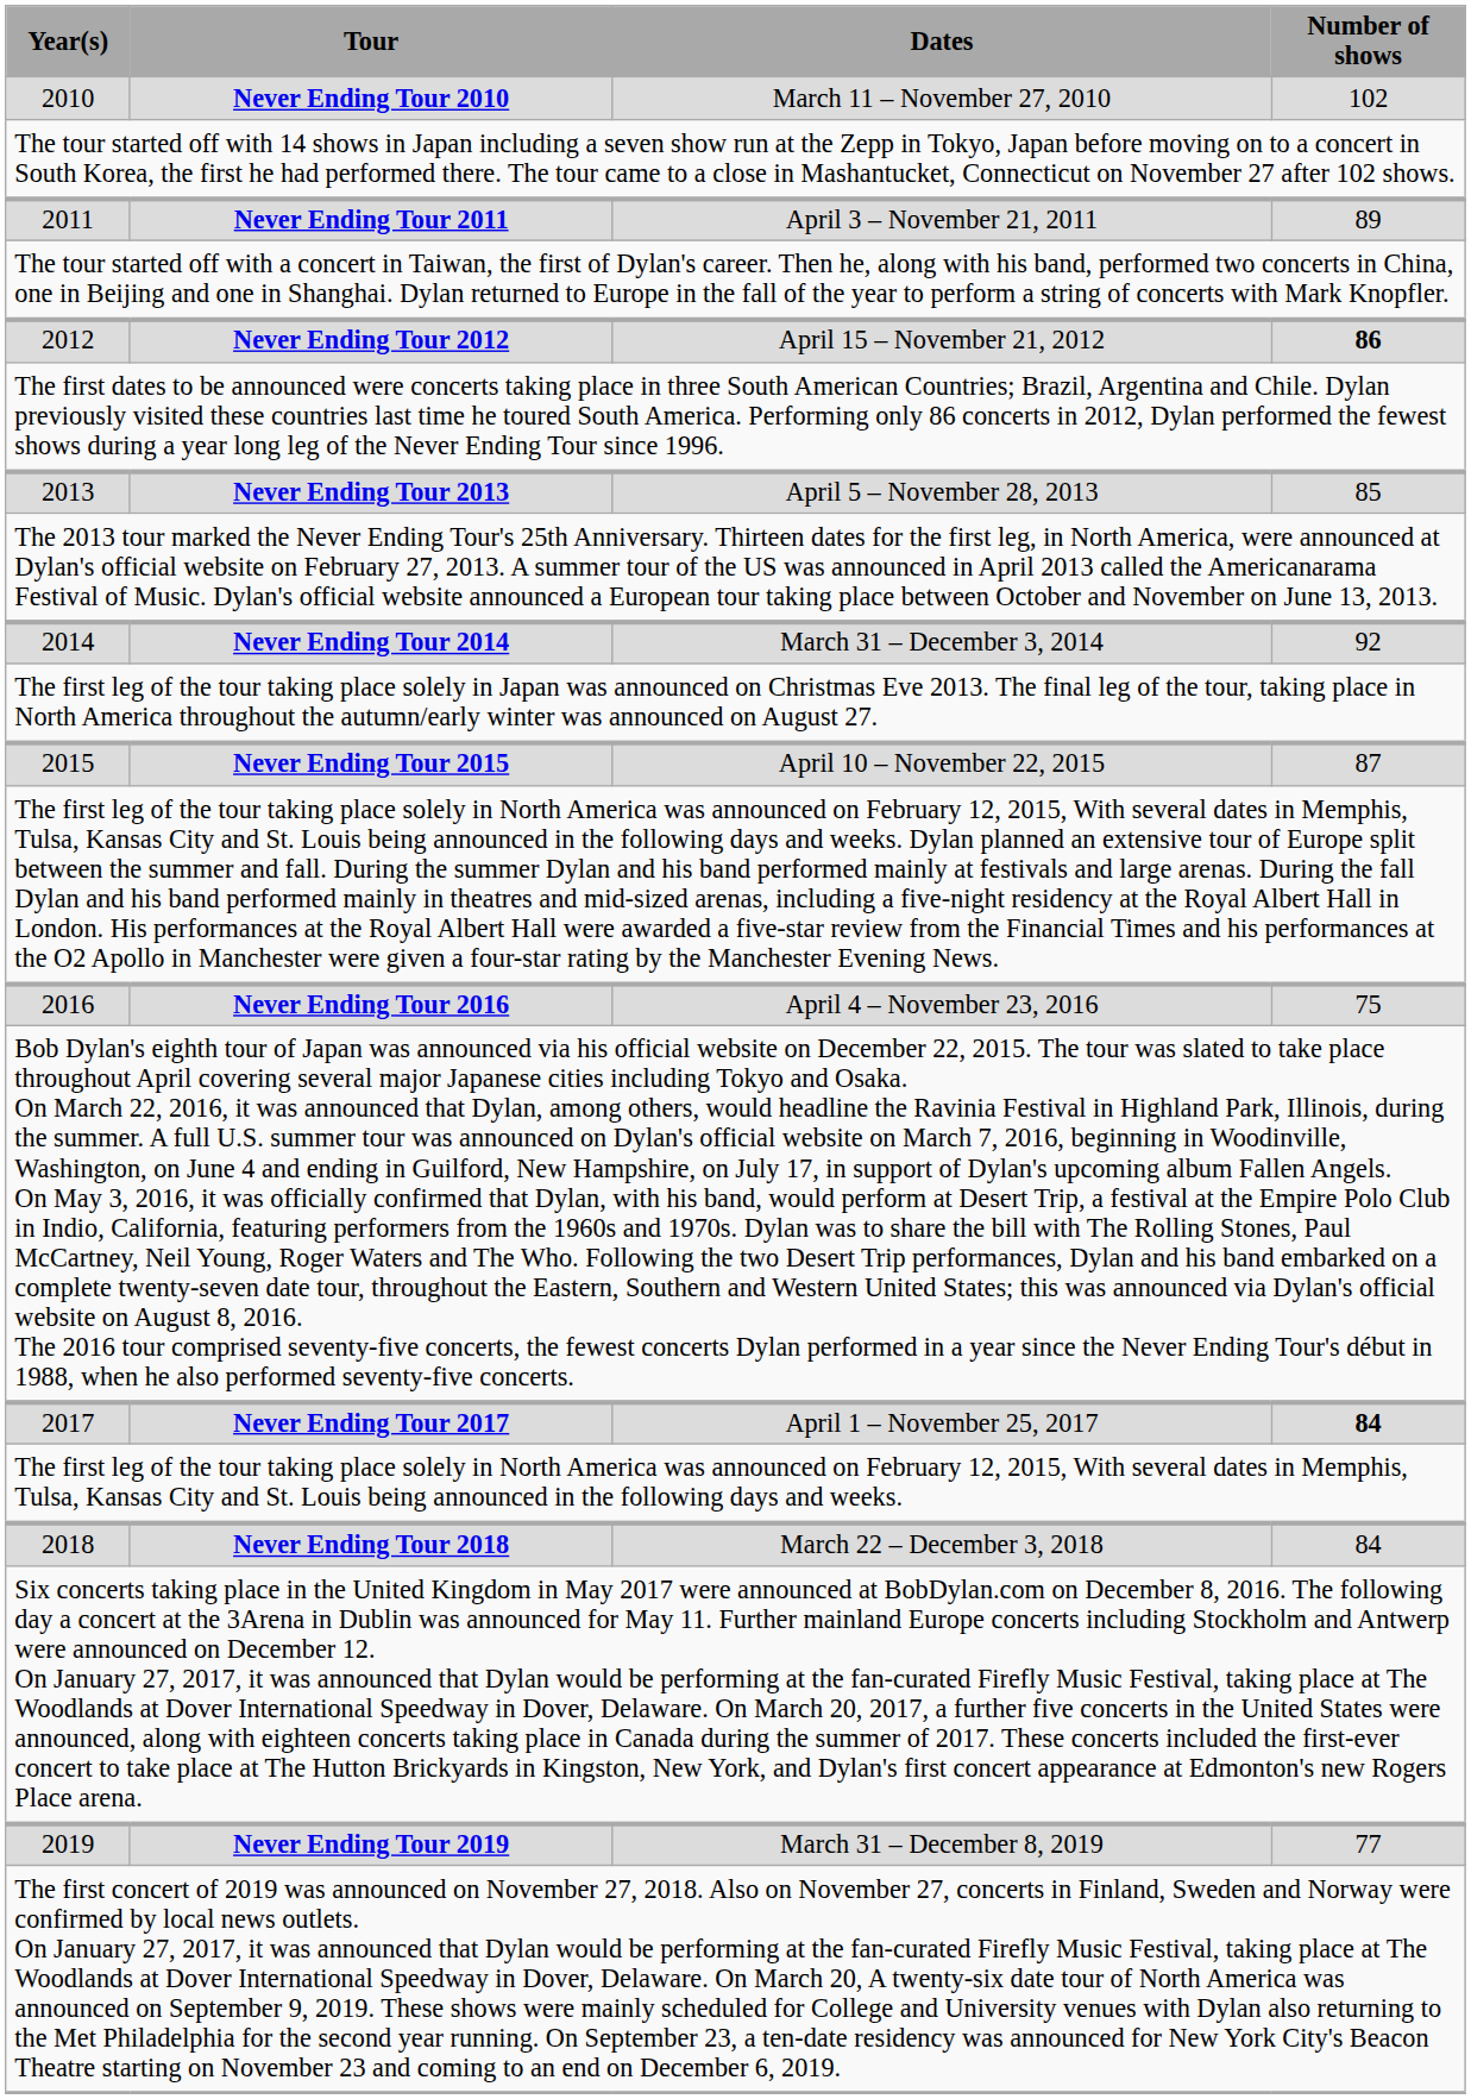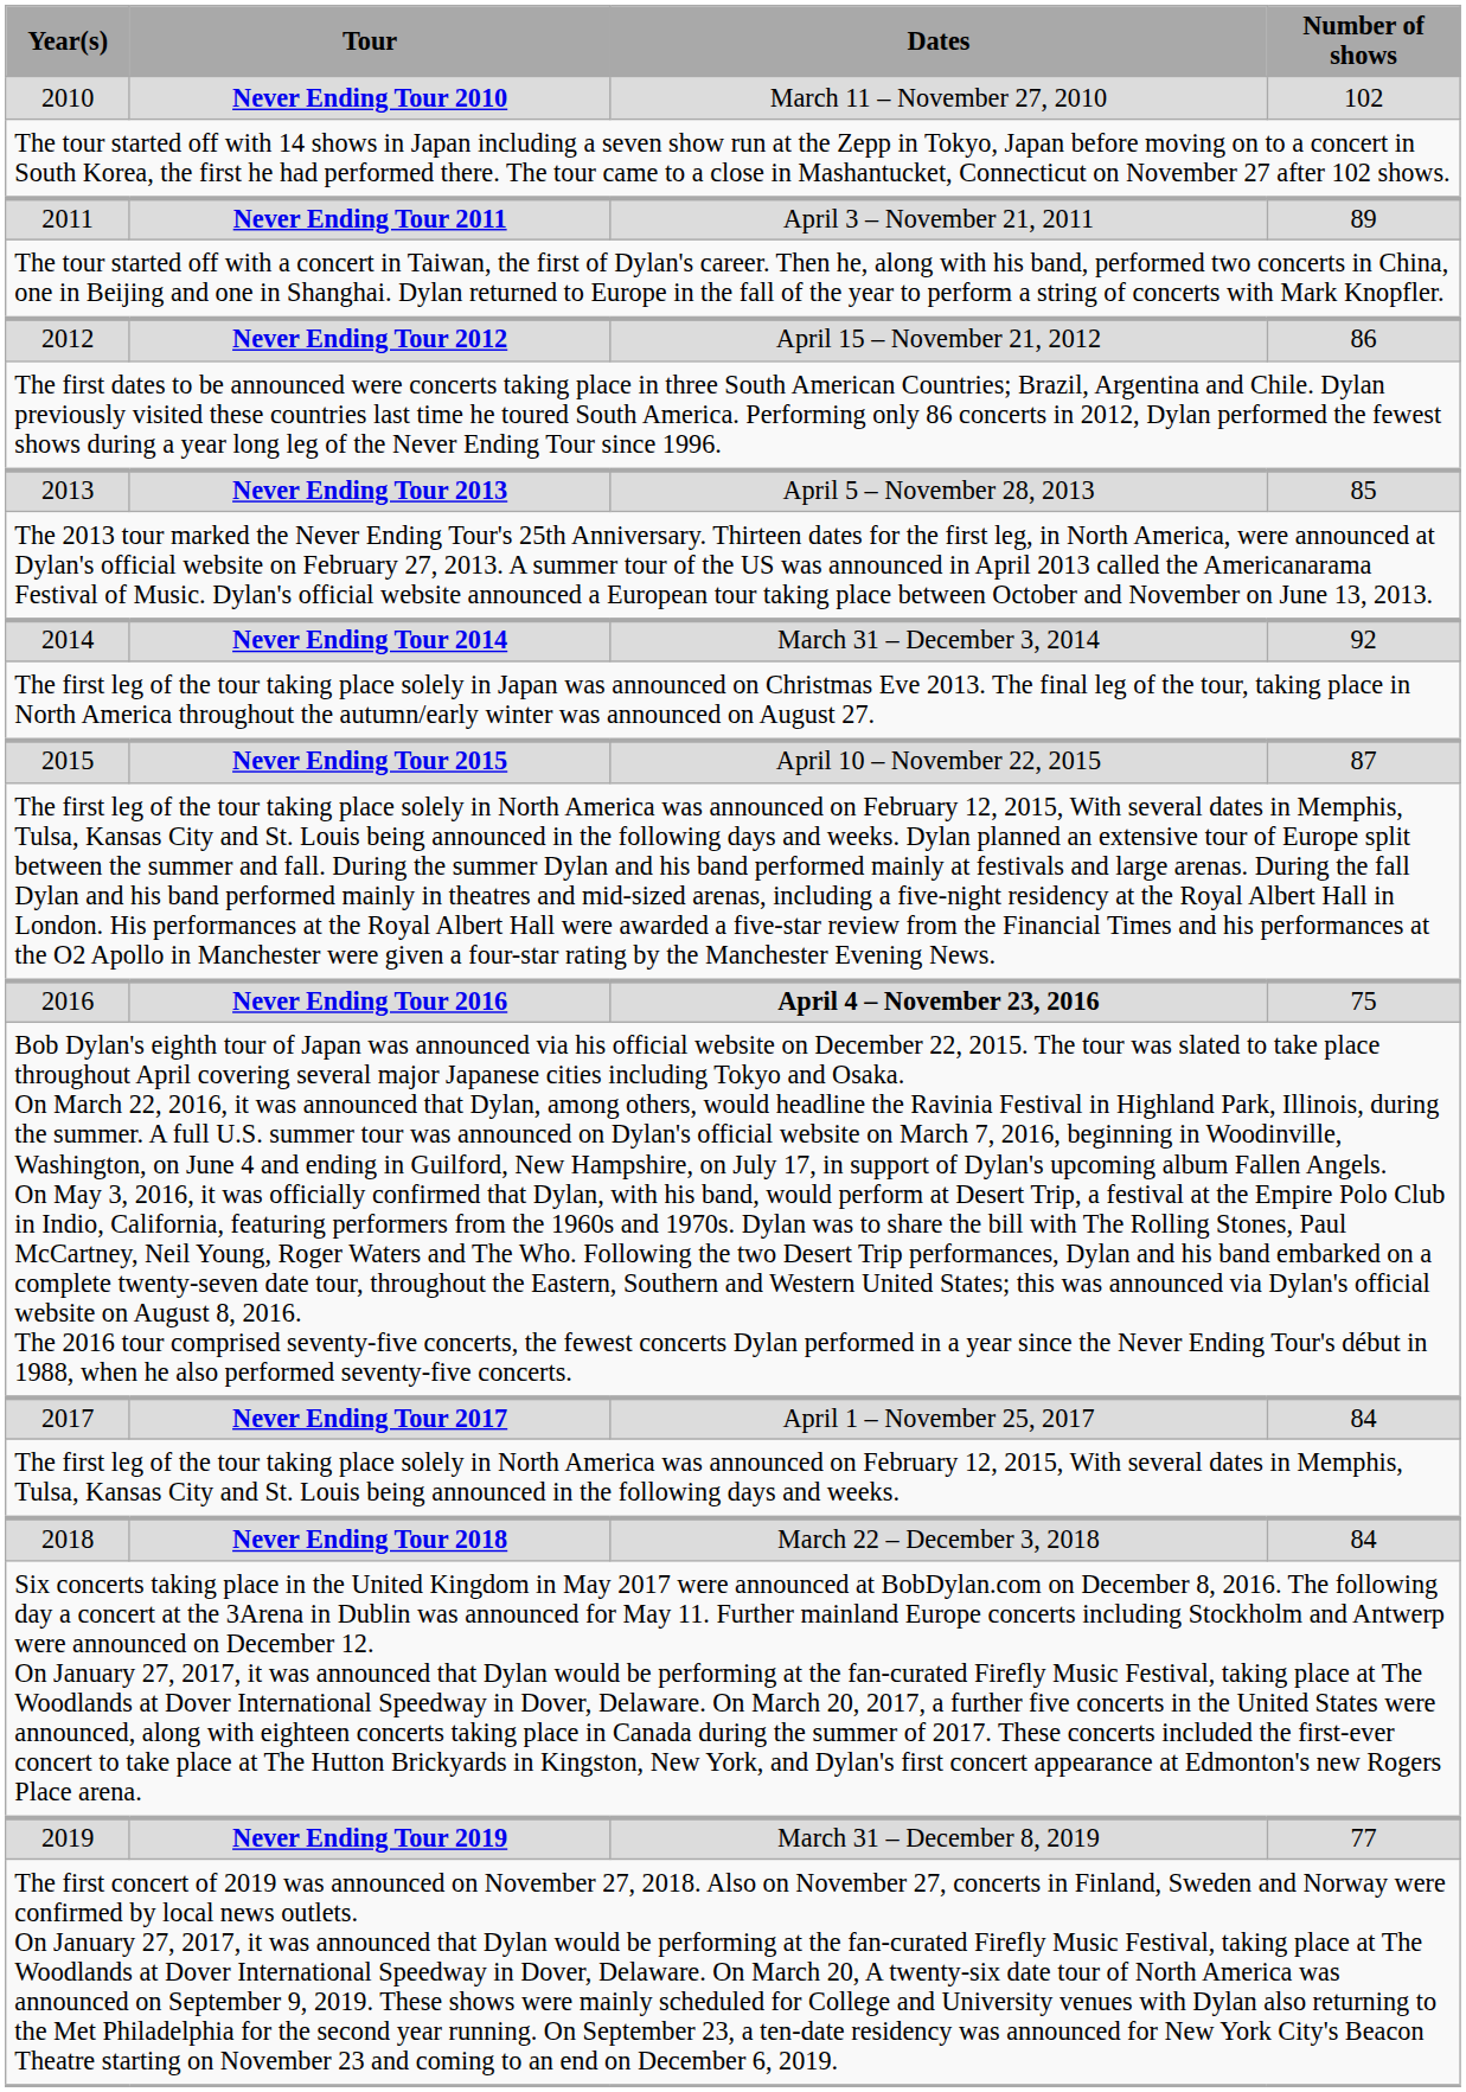 <table class="wikitable" style="width:100%; text-align:center;">
 <tr>
 <th style="width:40px; background:darkGrey;">Year(s)</th>
 <th style="width:210px; background:darkGrey;">Tour</th>
 <th style="width:290px; background:darkGrey;">Dates</th>
 <th style="width:80px; background:darkGrey;">Number of<br>shows<br></th>
 </tr>
 <tr style="background:#DCDCDC;">
 <td>2010</td>
 <td><strong><a href='#'>Never Ending Tour 2010</a></strong></td>
 <td>March 11 – November 27, 2010</td>
 <td>102</td>
 </tr>
 <tr>
 <td colspan="5" style="border-bottom-width:3px; padding:5px; text-align:left;">The tour started off with 14 shows in Japan including a seven show run at the Zepp in Tokyo, Japan before moving on to a concert in South Korea, the first he had performed there. The tour came to a close in Mashantucket, Connecticut on November 27 after 102 shows.</td>
 </tr>
 <tr>
 </tr>
 <tr style="background:#DCDCDC;">
 <td>2011</td>
 <td><strong><a href='#'>Never Ending Tour 2011</a></strong></td>
 <td>April 3 – November 21, 2011</td>
 <td>89</td>
 </tr>
 <tr>
 <td colspan="5" style="border-bottom-width:3px; padding:5px; text-align:left;">The tour started off with a concert in Taiwan, the first of Dylan's career. Then he, along with his band, performed two concerts in China, one in Beijing and one in Shanghai. Dylan returned to Europe in the fall of the year to perform a string of concerts with Mark Knopfler.</td>
 </tr>
 <tr>
 </tr>
 <tr style="background:#DCDCDC;">
 <td>2012</td>
 <td><strong><a href='#'>Never Ending Tour 2012</a></strong></td>
 <td>April 15 – November 21, 2012</td>
-<td><strong>86</strong></td>
+<td>86</td>
 </tr>
 <tr>
 <td colspan="5" style="border-bottom-width:3px; padding:5px; text-align:left;">The first dates to be announced were concerts taking place in three South American Countries; Brazil, Argentina and Chile. Dylan previously visited these countries last time he toured South America. Performing only 86 concerts in 2012, Dylan performed the fewest shows during a year long leg of the Never Ending Tour since 1996.</td>
 </tr>
 <tr>
 </tr>
 <tr style="background:#DCDCDC;">
 <td>2013</td>
 <td><strong><a href='#'>Never Ending Tour 2013</a></strong></td>
 <td>April 5 – November 28, 2013</td>
 <td>85</td>
 </tr>
 <tr>
 <td colspan="5" style="border-bottom-width:3px; padding:5px; text-align:left;">The 2013 tour marked the Never Ending Tour's 25th Anniversary. Thirteen dates for the first leg, in North America, were announced at Dylan's official website on February 27, 2013. A summer tour of the US was announced in April 2013 called the Americanarama Festival of Music. Dylan's official website announced a European tour taking place between October and November on June 13, 2013.</td>
 </tr>
 <tr>
 </tr>
 <tr style="background:#DCDCDC;">
 <td>2014</td>
 <td><strong><a href='#'>Never Ending Tour 2014</a></strong></td>
 <td>March 31 – December 3, 2014</td>
 <td>92</td>
 </tr>
 <tr>
 <td colspan="5" style="border-bottom-width:3px; padding:5px; text-align:left;">The first leg of the tour taking place solely in Japan was announced on Christmas Eve 2013. The final leg of the tour, taking place in North America throughout the autumn/early winter was announced on August 27.</td>
 </tr>
 <tr>
 </tr>
 <tr style="background:#DCDCDC;">
 <td>2015</td>
 <td><strong><a href='#'>Never Ending Tour 2015</a></strong></td>
 <td>April 10 – November 22, 2015</td>
 <td>87</td>
 </tr>
 <tr>
 <td colspan="5" style="border-bottom-width:3px; padding:5px; text-align:left;">The first leg of the tour taking place solely in North America was announced on February 12, 2015, With several dates in Memphis, Tulsa, Kansas City and St. Louis being announced in the following days and weeks.  Dylan planned an extensive tour of Europe split between the summer and fall. During the summer Dylan and his band performed mainly at festivals and large arenas. During the fall Dylan and his band performed mainly in theatres and mid-sized arenas, including a five-night residency at the Royal Albert Hall in London. His performances at the Royal Albert Hall were awarded a five-star review from the Financial Times and his performances at the O2 Apollo in Manchester were given a four-star rating by the Manchester Evening News.</td>
 </tr>
 <tr>
 </tr>
 <tr style="background:#DCDCDC;">
 <td>2016</td>
 <td><strong><a href='#'>Never Ending Tour 2016</a></strong></td>
-<td>April 4 – November 23, 2016</td>
+<td><strong>April 4 – November 23, 2016</strong></td>
 <td>75</td>
 </tr>
 <tr>
 <td colspan="5" style="border-bottom-width:3px; padding:5px; text-align:left;">Bob Dylan's eighth tour of Japan was announced via his official website on December 22, 2015. The tour was slated to take place throughout April covering several major Japanese cities including Tokyo and Osaka.<br>On March 22, 2016, it was announced that Dylan, among others, would headline the Ravinia Festival in Highland Park, Illinois, during the summer. A full U.S. summer tour was announced on Dylan's official website on March 7, 2016, beginning in Woodinville, Washington, on June 4 and ending in Guilford, New Hampshire, on July 17, in support of Dylan's upcoming album Fallen Angels.<br>On May 3, 2016, it was officially confirmed that Dylan, with his band, would perform at Desert Trip, a festival at the Empire Polo Club in Indio, California, featuring performers from the 1960s and 1970s. Dylan was to share the bill with The Rolling Stones, Paul McCartney, Neil Young, Roger Waters and The Who. Following the two Desert Trip performances, Dylan and his band embarked on a complete twenty-seven date tour, throughout the Eastern, Southern and Western United States; this was announced via Dylan's official website on August 8, 2016.<br>The 2016 tour comprised seventy-five concerts, the fewest concerts Dylan performed in a year since the Never Ending Tour's début in 1988, when he also performed seventy-five concerts.</td>
 </tr>
 <tr>
 </tr>
 <tr style="background:#DCDCDC;">
 <td>2017</td>
 <td><strong><a href='#'>Never Ending Tour 2017</a></strong></td>
 <td>April 1 – November 25, 2017</td>
-<td><strong>84</strong></td>
+<td>84</td>
 </tr>
 <tr>
 <td colspan="5" style="border-bottom-width:3px; padding:5px; text-align:left;">The first leg of the tour taking place solely in North America was announced on February 12, 2015, With several dates in Memphis, Tulsa, Kansas City and St. Louis being announced in the following days and weeks.</td>
 </tr>
 <tr>
 </tr>
 <tr style="background:#DCDCDC;">
 <td>2018</td>
 <td><strong><a href='#'>Never Ending Tour 2018</a></strong></td>
 <td>March 22 – December 3, 2018</td>
 <td>84</td>
 </tr>
 <tr>
 <td colspan="5" style="border-bottom-width:3px; padding:5px; text-align:left;">Six concerts taking place in the United Kingdom in May 2017 were announced at BobDylan.com on December 8, 2016. The following day a concert at the 3Arena in Dublin was announced for May 11. Further mainland Europe concerts including Stockholm and Antwerp were announced on December 12.<br>On January 27, 2017, it was announced that Dylan would be performing at the fan-curated Firefly Music Festival, taking place at The Woodlands at Dover International Speedway in Dover, Delaware. On March 20, 2017, a further five concerts in the United States were announced, along with eighteen concerts taking place in Canada during the summer of 2017. These concerts included the first-ever concert to take place at The Hutton Brickyards in Kingston, New York, and Dylan's first concert appearance at Edmonton's new Rogers Place arena.</td>
 </tr>
 <tr>
 </tr>
 <tr style="background:#DCDCDC;">
 <td>2019</td>
 <td><strong><a href='#'>Never Ending Tour 2019</a></strong></td>
 <td>March 31 – December 8, 2019</td>
 <td>77</td>
 </tr>
 <tr>
 <td colspan="5" style="border-bottom-width:3px; padding:5px; text-align:left;">The first concert of 2019 was announced on November 27, 2018. Also on November 27, concerts in Finland, Sweden and Norway were confirmed by local news outlets.<br>On January 27, 2017, it was announced that Dylan would be performing at the fan-curated Firefly Music Festival, taking place at The Woodlands at Dover International Speedway in Dover, Delaware. On March 20, A twenty-six date tour of North America was announced on September 9, 2019. These shows were mainly scheduled for College and University venues with Dylan also returning to the Met Philadelphia for the second year running. On September 23, a ten-date residency was announced for New York City's Beacon Theatre starting on November 23 and coming to an end on December 6, 2019.</td>
 </tr>
 <tr>
 </tr>
 </table>
